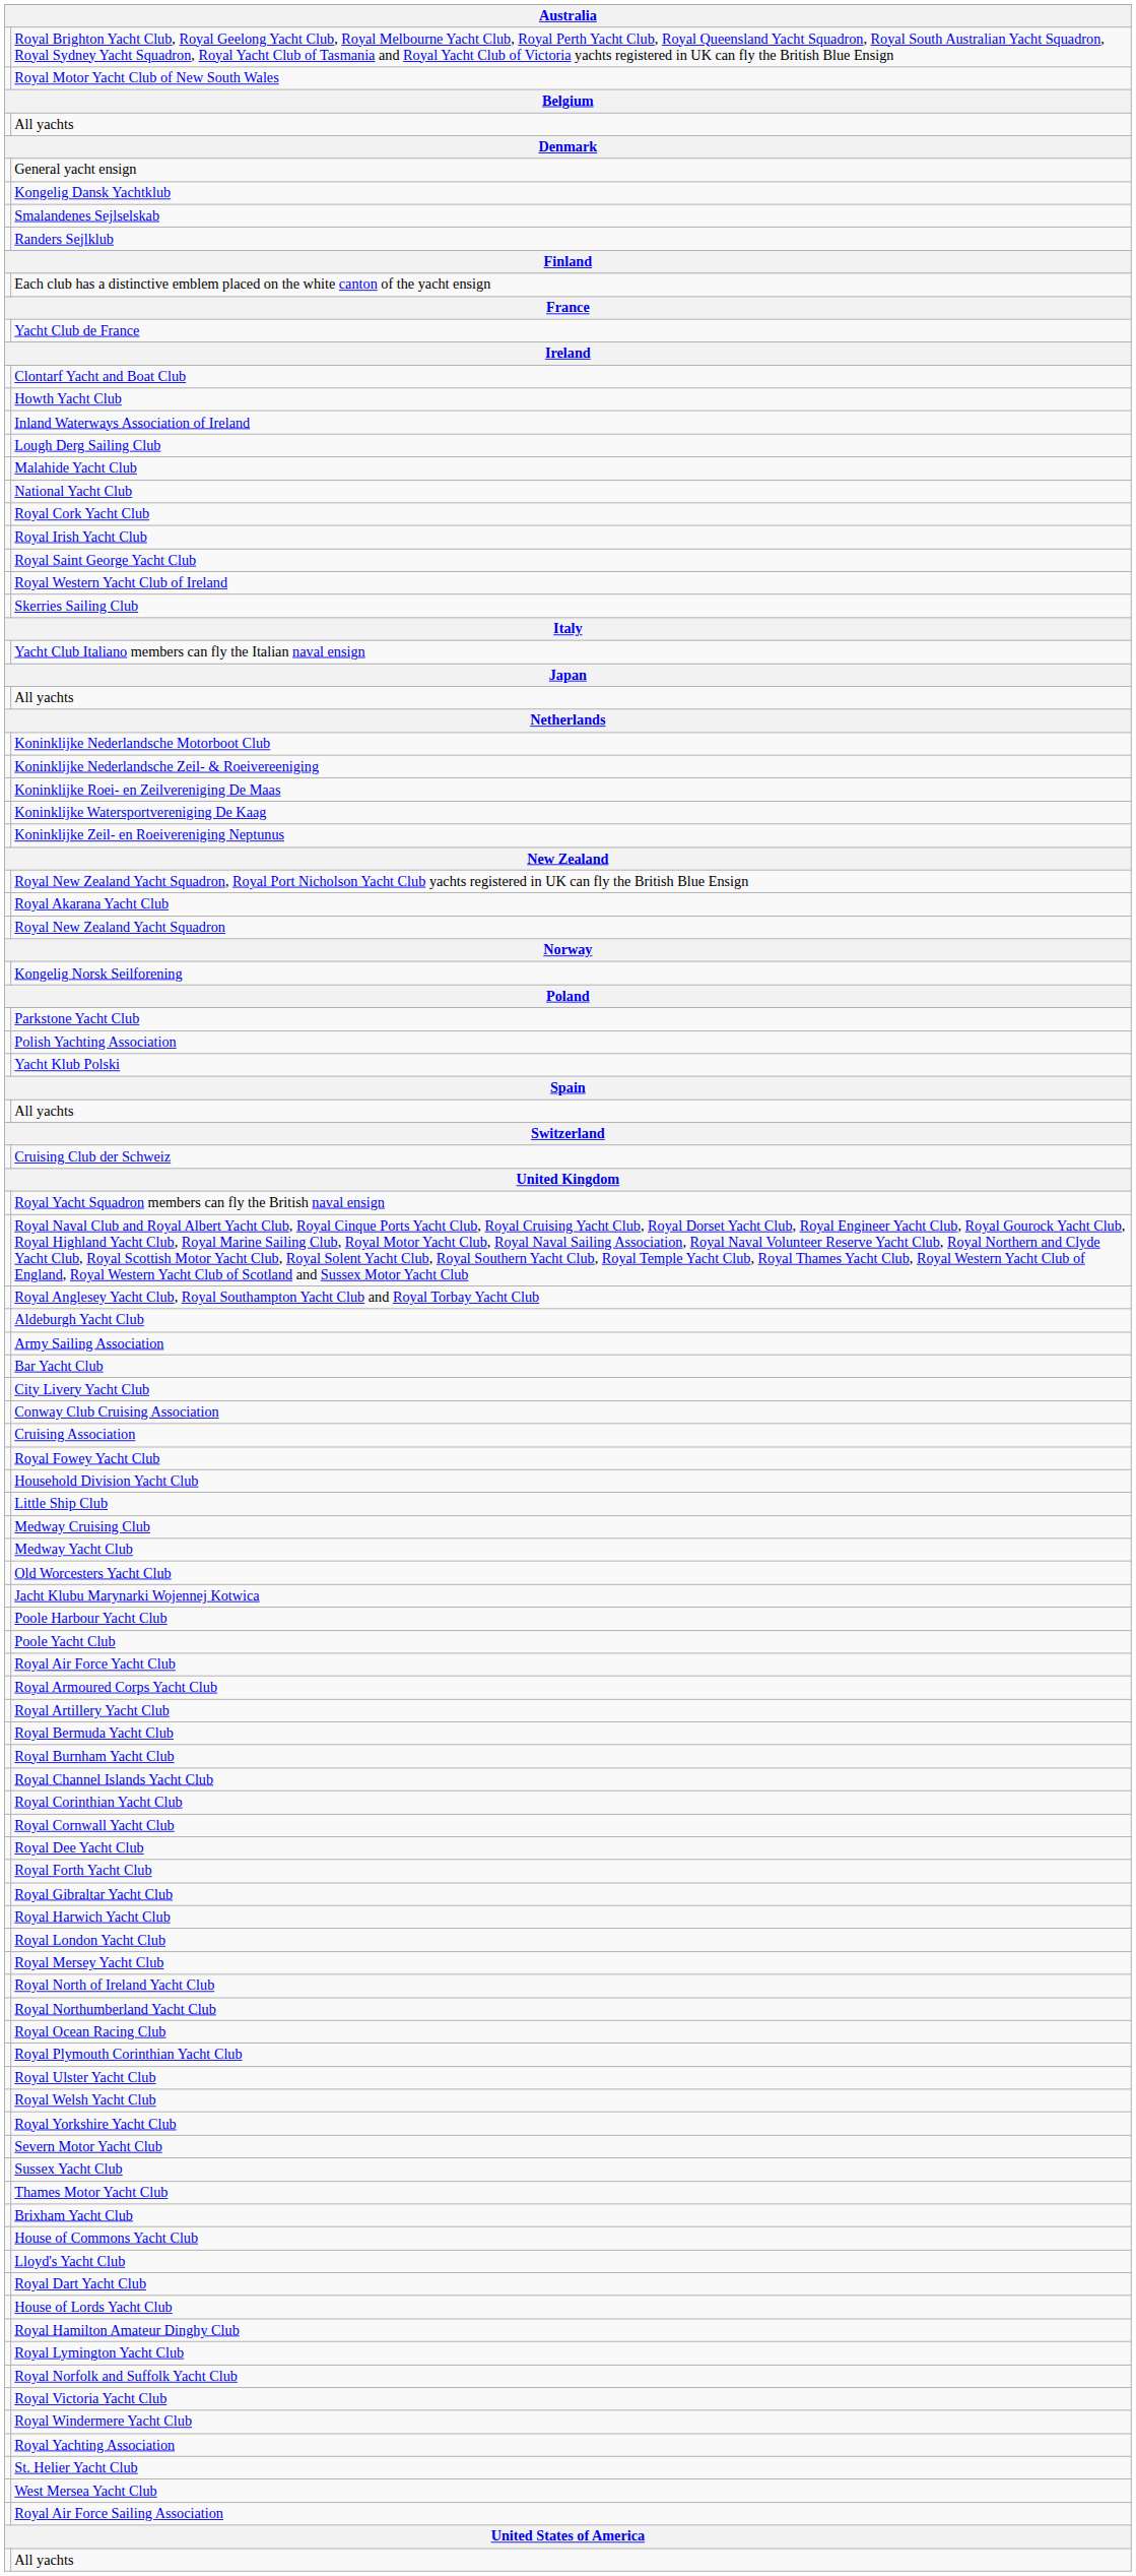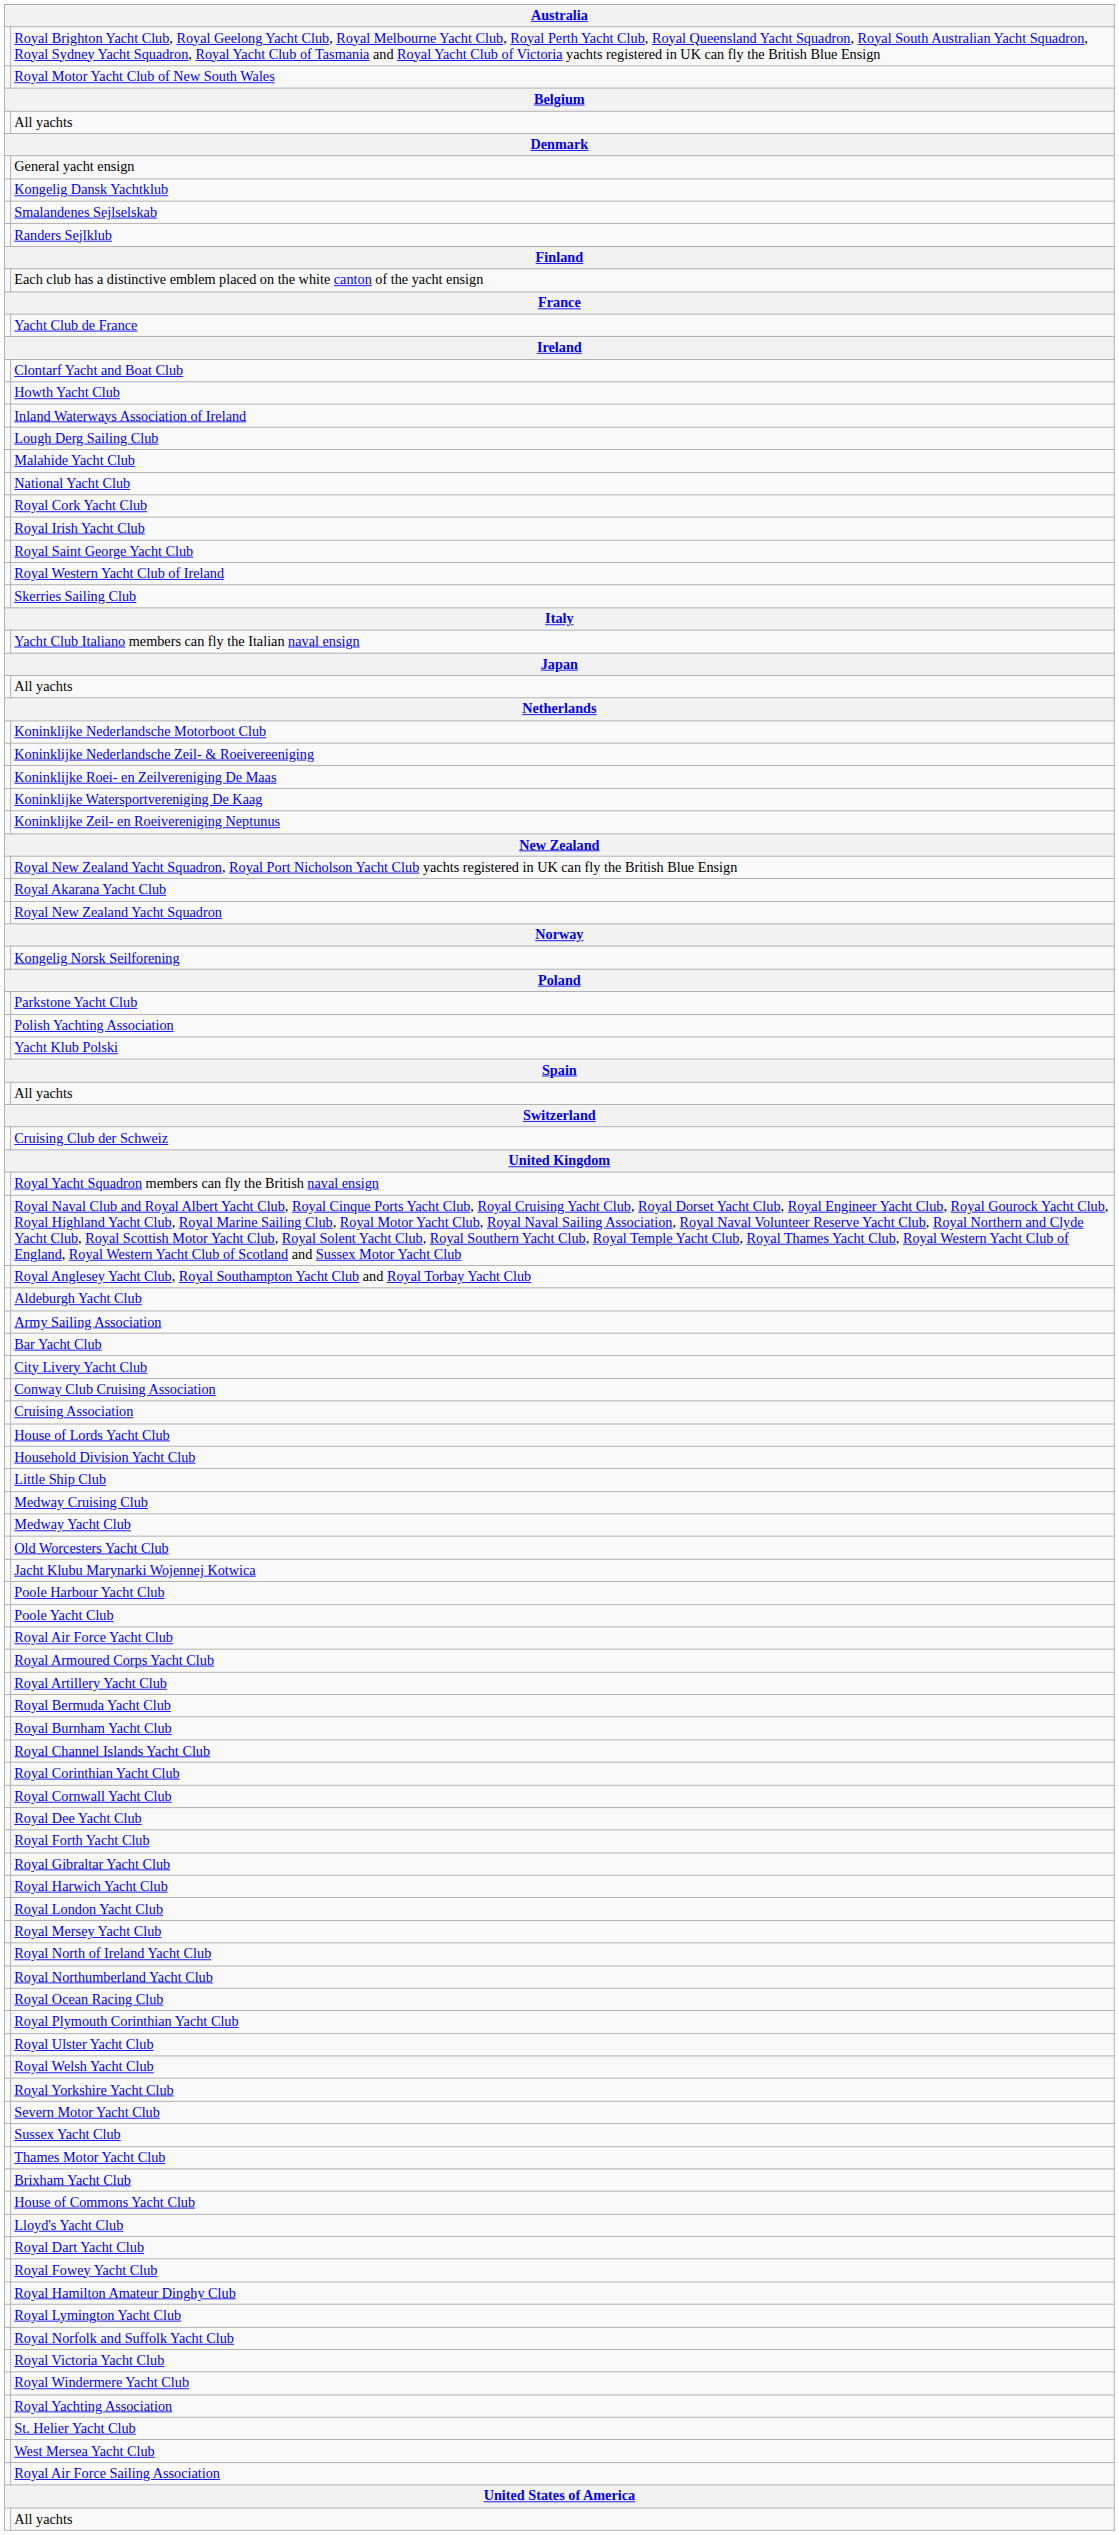 <table class="wikitable">
 <tr style="background:#efefef;">
 </tr>
 <tr>
 <th colspan="2"><a href='#'>Australia</a></th>
 </tr>
 <tr>
 <td></td>
 <td><a href='#'>Royal Brighton Yacht Club</a>, <a href='#'>Royal Geelong Yacht Club</a>, <a href='#'>Royal Melbourne Yacht Club</a>, <a href='#'>Royal Perth Yacht Club</a>, <a href='#'>Royal Queensland Yacht Squadron</a>, <a href='#'>Royal South Australian Yacht Squadron</a>, <a href='#'>Royal Sydney Yacht Squadron</a>, <a href='#'>Royal Yacht Club of Tasmania</a> and <a href='#'>Royal Yacht Club of Victoria</a> yachts registered in UK can fly the British Blue Ensign</td>
 </tr>
 <tr>
 <td></td>
 <td><a href='#'>Royal Motor Yacht Club of New South Wales</a></td>
 </tr>
 <tr>
 <th colspan="2"><a href='#'>Belgium</a></th>
 </tr>
 <tr>
 <td></td>
 <td>All yachts</td>
 </tr>
 <tr>
 <th colspan="2"><a href='#'>Denmark</a></th>
 </tr>
 <tr>
 <td></td>
 <td>General yacht ensign</td>
 </tr>
 <tr>
 <td></td>
 <td><a href='#'>Kongelig Dansk Yachtklub</a></td>
 </tr>
 <tr>
 <td></td>
 <td><a href='#'>Smalandenes Sejlselskab</a></td>
 </tr>
 <tr>
 <td></td>
 <td><a href='#'>Randers Sejlklub</a></td>
 </tr>
 <tr>
 <th colspan="2"><a href='#'>Finland</a></th>
 </tr>
 <tr>
 <td></td>
 <td>Each club has a distinctive emblem placed on the white <a href='#'>canton</a> of the yacht ensign</td>
 </tr>
 <tr>
 <th colspan="2"><a href='#'>France</a></th>
 </tr>
 <tr>
 <td></td>
 <td><a href='#'>Yacht Club de France</a></td>
 </tr>
 <tr>
 <th colspan="2"><a href='#'>Ireland</a></th>
 </tr>
 <tr>
 <td></td>
 <td><a href='#'>Clontarf Yacht and Boat Club</a></td>
 </tr>
 <tr>
 <td></td>
 <td><a href='#'>Howth Yacht Club</a></td>
 </tr>
 <tr>
 <td></td>
 <td><a href='#'>Inland Waterways Association of Ireland</a></td>
 </tr>
 <tr>
 <td></td>
 <td><a href='#'>Lough Derg Sailing Club</a></td>
 </tr>
 <tr>
 <td></td>
 <td><a href='#'>Malahide Yacht Club</a></td>
 </tr>
 <tr>
 <td></td>
 <td><a href='#'>National Yacht Club</a></td>
 </tr>
 <tr>
 <td></td>
 <td><a href='#'>Royal Cork Yacht Club</a></td>
 </tr>
 <tr>
 <td></td>
 <td><a href='#'>Royal Irish Yacht Club</a></td>
 </tr>
 <tr>
 <td></td>
 <td><a href='#'>Royal Saint George Yacht Club</a></td>
 </tr>
 <tr>
 <td></td>
 <td><a href='#'>Royal Western Yacht Club of Ireland</a></td>
 </tr>
 <tr>
 <td></td>
 <td><a href='#'>Skerries Sailing Club</a></td>
 </tr>
 <tr>
 <th colspan="2"><a href='#'>Italy</a></th>
 </tr>
 <tr>
 <td></td>
 <td><a href='#'>Yacht Club Italiano</a> members can fly the Italian <a href='#'>naval ensign</a></td>
 </tr>
 <tr>
 <th colspan="2"><a href='#'>Japan</a></th>
 </tr>
 <tr>
 <td></td>
 <td>All yachts</td>
 </tr>
 <tr>
 <th colspan="2"><a href='#'>Netherlands</a></th>
 </tr>
 <tr>
 <td></td>
 <td><a href='#'>Koninklijke Nederlandsche Motorboot Club</a></td>
 </tr>
 <tr>
 <td></td>
 <td><a href='#'>Koninklijke Nederlandsche Zeil- & Roeivereeniging</a></td>
 </tr>
 <tr>
 <td></td>
 <td><a href='#'>Koninklijke Roei- en Zeilvereniging De Maas</a></td>
 </tr>
 <tr>
 <td></td>
 <td><a href='#'>Koninklijke Watersportvereniging De Kaag</a></td>
 </tr>
 <tr>
 <td></td>
 <td><a href='#'>Koninklijke Zeil- en Roeivereniging Neptunus</a></td>
 </tr>
 <tr>
 <th colspan="2"><a href='#'>New Zealand</a></th>
 </tr>
 <tr>
 <td></td>
 <td><a href='#'>Royal New Zealand Yacht Squadron</a>, <a href='#'>Royal Port Nicholson Yacht Club</a> yachts registered in UK can fly the British Blue Ensign</td>
 </tr>
 <tr>
 <td></td>
 <td><a href='#'>Royal Akarana Yacht Club</a></td>
 </tr>
 <tr>
 <td></td>
 <td><a href='#'>Royal New Zealand Yacht Squadron</a></td>
 </tr>
 <tr>
 <th colspan="2"><a href='#'>Norway</a></th>
 </tr>
 <tr>
 <td></td>
 <td><a href='#'>Kongelig Norsk Seilforening</a></td>
 </tr>
 <tr>
 <th colspan="2"><a href='#'>Poland</a></th>
 </tr>
 <tr>
 <td></td>
 <td><a href='#'>Parkstone Yacht Club</a></td>
 </tr>
 <tr>
 <td></td>
 <td><a href='#'>Polish Yachting Association</a></td>
 </tr>
 <tr>
 <td></td>
 <td><a href='#'>Yacht Klub Polski</a></td>
 </tr>
 <tr>
 <th colspan="2"><a href='#'>Spain</a></th>
 </tr>
 <tr>
 <td></td>
 <td>All yachts</td>
 </tr>
 <tr>
 <th colspan="2"><a href='#'>Switzerland</a></th>
 </tr>
 <tr>
 <td></td>
 <td><a href='#'>Cruising Club der Schweiz</a></td>
 </tr>
 <tr>
 <th colspan="2"><a href='#'>United Kingdom</a></th>
 </tr>
 <tr>
 <td></td>
 <td><a href='#'>Royal Yacht Squadron</a> members can fly the British <a href='#'>naval ensign</a></td>
 </tr>
 <tr>
 <td></td>
 <td><a href='#'>Royal Naval Club and Royal Albert Yacht Club</a>, <a href='#'>Royal Cinque Ports Yacht Club</a>, <a href='#'>Royal Cruising Yacht Club</a>, <a href='#'>Royal Dorset Yacht Club</a>, <a href='#'>Royal Engineer Yacht Club</a>, <a href='#'>Royal Gourock Yacht Club</a>, <a href='#'>Royal Highland Yacht Club</a>, <a href='#'>Royal Marine Sailing Club</a>, <a href='#'>Royal Motor Yacht Club</a>, <a href='#'>Royal Naval Sailing Association</a>, <a href='#'>Royal Naval Volunteer Reserve Yacht Club</a>, <a href='#'>Royal Northern and Clyde Yacht Club</a>, <a href='#'>Royal Scottish Motor Yacht Club</a>, <a href='#'>Royal Solent Yacht Club</a>, <a href='#'>Royal Southern Yacht Club</a>, <a href='#'>Royal Temple Yacht Club</a>, <a href='#'>Royal Thames Yacht Club</a>, <a href='#'>Royal Western Yacht Club of England</a>, <a href='#'>Royal Western Yacht Club of Scotland</a> and <a href='#'>Sussex Motor Yacht Club</a></td>
 </tr>
 <tr>
 <td></td>
 <td><a href='#'>Royal Anglesey Yacht Club</a>, <a href='#'>Royal Southampton Yacht Club</a> and <a href='#'>Royal Torbay Yacht Club</a></td>
 </tr>
 <tr>
 <td></td>
 <td><a href='#'>Aldeburgh Yacht Club</a></td>
 </tr>
 <tr>
 <td></td>
 <td><a href='#'>Army Sailing Association</a></td>
 </tr>
 <tr>
 <td></td>
 <td><a href='#'>Bar Yacht Club</a></td>
 </tr>
 <tr>
 <td></td>
 <td><a href='#'>City Livery Yacht Club</a></td>
 </tr>
 <tr>
 <td></td>
 <td><a href='#'>Conway Club Cruising Association</a></td>
 </tr>
 <tr>
 <td></td>
 <td><a href='#'>Cruising Association</a></td>
 </tr>
 <tr>
 <td></td>
-<td><a href='#'>Royal Fowey Yacht Club</a></td>
+<td><a href='#'>House of Lords Yacht Club</a></td>
 </tr>
 <tr>
 <td></td>
 <td><a href='#'>Household Division Yacht Club </a></td>
 </tr>
 <tr>
 <td></td>
 <td><a href='#'>Little Ship Club</a></td>
 </tr>
 <tr>
 <td></td>
 <td><a href='#'>Medway Cruising Club</a></td>
 </tr>
 <tr>
 <td></td>
 <td><a href='#'>Medway Yacht Club</a></td>
 </tr>
 <tr>
 <td></td>
 <td><a href='#'>Old Worcesters Yacht Club</a></td>
 </tr>
 <tr>
 <td></td>
 <td><a href='#'>Jacht Klubu Marynarki Wojennej Kotwica</a></td>
 </tr>
 <tr>
 <td></td>
 <td><a href='#'>Poole Harbour Yacht Club </a></td>
 </tr>
 <tr>
 <td></td>
 <td><a href='#'>Poole Yacht Club</a></td>
 </tr>
 <tr>
 <td></td>
 <td><a href='#'>Royal Air Force Yacht Club</a></td>
 </tr>
 <tr>
 <td></td>
 <td><a href='#'>Royal Armoured Corps Yacht Club </a></td>
 </tr>
 <tr>
 <td></td>
 <td><a href='#'>Royal Artillery Yacht Club</a></td>
 </tr>
 <tr>
 <td></td>
 <td><a href='#'>Royal Bermuda Yacht Club</a></td>
 </tr>
 <tr>
 <td></td>
 <td><a href='#'>Royal Burnham Yacht Club</a></td>
 </tr>
 <tr>
 <td></td>
 <td><a href='#'>Royal Channel Islands Yacht Club</a></td>
 </tr>
 <tr>
 <td></td>
 <td><a href='#'>Royal Corinthian Yacht Club</a></td>
 </tr>
 <tr>
 <td></td>
 <td><a href='#'>Royal Cornwall Yacht Club</a></td>
 </tr>
 <tr>
 <td></td>
 <td><a href='#'>Royal Dee Yacht Club</a></td>
 </tr>
 <tr>
 <td></td>
 <td><a href='#'>Royal Forth Yacht Club</a></td>
 </tr>
 <tr>
 <td></td>
 <td><a href='#'>Royal Gibraltar Yacht Club</a></td>
 </tr>
 <tr>
 <td></td>
 <td><a href='#'>Royal Harwich Yacht Club</a></td>
 </tr>
 <tr>
 <td></td>
 <td><a href='#'>Royal London Yacht Club</a></td>
 </tr>
 <tr>
 <td></td>
 <td><a href='#'>Royal Mersey Yacht Club </a></td>
 </tr>
 <tr>
 <td></td>
 <td><a href='#'>Royal North of Ireland Yacht Club</a></td>
 </tr>
 <tr>
 <td></td>
 <td><a href='#'>Royal Northumberland Yacht Club</a></td>
 </tr>
 <tr>
 <td></td>
 <td><a href='#'>Royal Ocean Racing Club</a></td>
 </tr>
 <tr>
 <td></td>
 <td><a href='#'>Royal Plymouth Corinthian Yacht Club</a></td>
 </tr>
 <tr>
 <td></td>
 <td><a href='#'>Royal Ulster Yacht Club </a></td>
 </tr>
 <tr>
 <td></td>
 <td><a href='#'>Royal Welsh Yacht Club</a></td>
 </tr>
 <tr>
 <td></td>
 <td><a href='#'>Royal Yorkshire Yacht Club</a></td>
 </tr>
 <tr>
 <td></td>
 <td><a href='#'>Severn Motor Yacht Club</a></td>
 </tr>
 <tr>
 <td></td>
 <td><a href='#'>Sussex Yacht Club</a></td>
 </tr>
 <tr>
 <td></td>
 <td><a href='#'>Thames Motor Yacht Club</a></td>
 </tr>
 <tr>
 <td></td>
 <td><a href='#'>Brixham Yacht Club</a></td>
 </tr>
 <tr>
 <td></td>
 <td><a href='#'>House of Commons Yacht Club</a></td>
 </tr>
 <tr>
 <td></td>
 <td><a href='#'>Lloyd's Yacht Club</a></td>
 </tr>
 <tr>
 <td></td>
 <td><a href='#'>Royal Dart Yacht Club</a></td>
 </tr>
 <tr>
 <td></td>
-<td><a href='#'>House of Lords Yacht Club</a></td>
+<td><a href='#'>Royal Fowey Yacht Club</a></td>
 </tr>
 <tr>
 <td></td>
 <td><a href='#'>Royal Hamilton Amateur Dinghy Club</a></td>
 </tr>
 <tr>
 <td></td>
 <td><a href='#'>Royal Lymington Yacht Club</a></td>
 </tr>
 <tr>
 <td></td>
 <td><a href='#'>Royal Norfolk and Suffolk Yacht Club</a></td>
 </tr>
 <tr>
 <td></td>
 <td><a href='#'>Royal Victoria Yacht Club</a></td>
 </tr>
 <tr>
 <td></td>
 <td><a href='#'>Royal Windermere Yacht Club</a></td>
 </tr>
 <tr>
 <td></td>
 <td><a href='#'>Royal Yachting Association</a></td>
 </tr>
 <tr>
 <td></td>
 <td><a href='#'>St. Helier Yacht Club</a></td>
 </tr>
 <tr>
 <td></td>
 <td><a href='#'>West Mersea Yacht Club</a></td>
 </tr>
 <tr>
 <td></td>
 <td><a href='#'>Royal Air Force Sailing Association</a></td>
 </tr>
 <tr>
 <th colspan="2"><a href='#'>United States of America</a></th>
 </tr>
 <tr>
 <td></td>
 <td>All yachts</td>
 </tr>
 </table>
